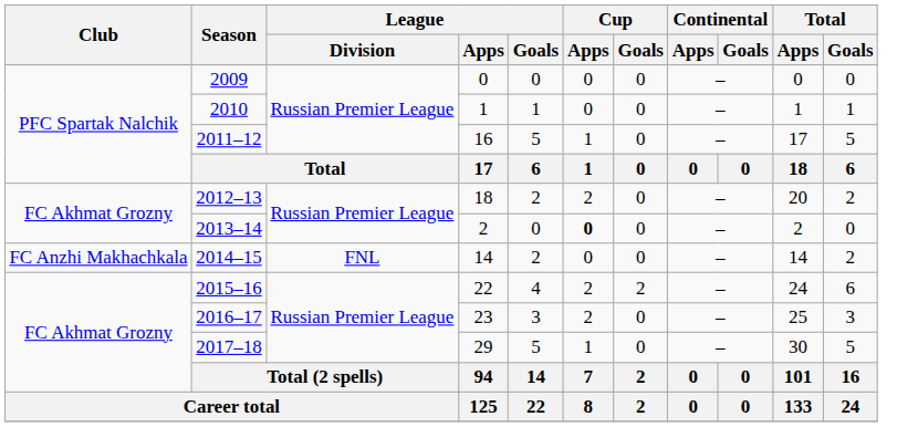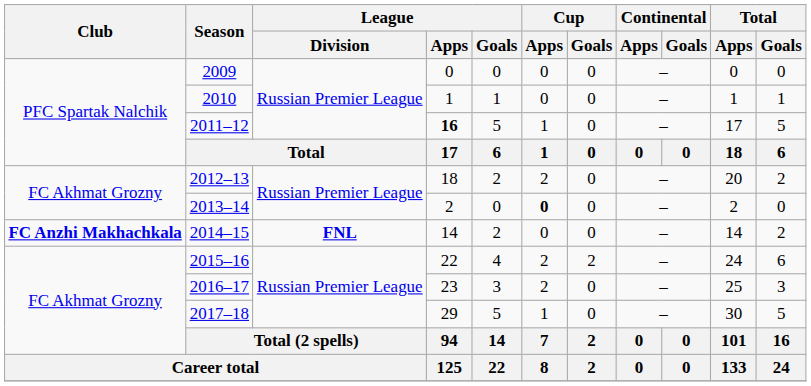 <table class="wikitable" style="text-align: center;">
 <tr>
 <th rowspan=2>Club</th>
 <th rowspan=2>Season</th>
 <th colspan=3>League</th>
 <th colspan=2>Cup</th>
 <th colspan=2>Continental</th>
 <th colspan=2>Total</th>
 </tr>
 <tr>
 <th>Division</th>
 <th>Apps</th>
 <th>Goals</th>
 <th>Apps</th>
 <th>Goals</th>
 <th>Apps</th>
 <th>Goals</th>
 <th>Apps</th>
 <th>Goals</th>
 </tr>
 <tr>
 <td rowspan=4><a href='#'>PFC Spartak Nalchik</a></td>
 <td><a href='#'>2009</a></td>
 <td rowspan=3><a href='#'>Russian Premier League</a></td>
 <td>0</td>
 <td>0</td>
 <td>0</td>
 <td>0</td>
 <td colspan=2>–</td>
 <td>0</td>
 <td>0</td>
 </tr>
 <tr>
 <td><a href='#'>2010</a></td>
 <td>1</td>
 <td>1</td>
 <td>0</td>
 <td>0</td>
 <td colspan=2>–</td>
 <td>1</td>
 <td>1</td>
 </tr>
 <tr>
 <td><a href='#'>2011–12</a></td>
-<td>16</td>
+<td><strong>16</strong></td>
 <td>5</td>
 <td>1</td>
 <td>0</td>
 <td colspan=2>–</td>
 <td>17</td>
 <td>5</td>
 </tr>
 <tr>
 <th colspan=2>Total</th>
 <th>17</th>
 <th>6</th>
 <th>1</th>
 <th>0</th>
 <th>0</th>
 <th>0</th>
 <th>18</th>
 <th>6</th>
 </tr>
 <tr>
 <td rowspan=2><a href='#'>FC Akhmat Grozny</a></td>
 <td><a href='#'>2012–13</a></td>
 <td rowspan=2><a href='#'>Russian Premier League</a></td>
 <td>18</td>
 <td>2</td>
 <td>2</td>
 <td>0</td>
 <td colspan=2>–</td>
 <td>20</td>
 <td>2</td>
 </tr>
 <tr>
 <td><a href='#'>2013–14</a></td>
 <td>2</td>
 <td>0</td>
 <td><strong>0</strong></td>
 <td>0</td>
 <td colspan=2>–</td>
 <td>2</td>
 <td>0</td>
 </tr>
 <tr>
-<td><a href='#'>FC Anzhi Makhachkala</a></td>
+<td><strong><a href='#'>FC Anzhi Makhachkala</a></strong></td>
 <td><a href='#'>2014–15</a></td>
-<td><a href='#'>FNL</a></td>
+<td><strong><a href='#'>FNL</a></strong></td>
 <td>14</td>
 <td>2</td>
 <td>0</td>
 <td>0</td>
 <td colspan=2>–</td>
 <td>14</td>
 <td>2</td>
 </tr>
 <tr>
 <td rowspan=4><a href='#'>FC Akhmat Grozny</a></td>
 <td><a href='#'>2015–16</a></td>
 <td rowspan=3><a href='#'>Russian Premier League</a></td>
 <td>22</td>
 <td>4</td>
 <td>2</td>
 <td>2</td>
 <td colspan=2>–</td>
 <td>24</td>
 <td>6</td>
 </tr>
 <tr>
 <td><a href='#'>2016–17</a></td>
 <td>23</td>
 <td>3</td>
 <td>2</td>
 <td>0</td>
 <td colspan=2>–</td>
 <td>25</td>
 <td>3</td>
 </tr>
 <tr>
 <td><a href='#'>2017–18</a></td>
 <td>29</td>
 <td>5</td>
 <td>1</td>
 <td>0</td>
 <td colspan=2>–</td>
 <td>30</td>
 <td>5</td>
 </tr>
 <tr>
 <th colspan=2>Total (2 spells)</th>
 <th>94</th>
 <th>14</th>
 <th>7</th>
 <th>2</th>
 <th>0</th>
 <th>0</th>
 <th>101</th>
 <th>16</th>
 </tr>
 <tr>
 <th colspan=3>Career total</th>
 <th>125</th>
 <th>22</th>
 <th>8</th>
 <th>2</th>
 <th>0</th>
 <th>0</th>
 <th>133</th>
 <th>24</th>
 </tr>
 <tr>
 </tr>
 </table>
